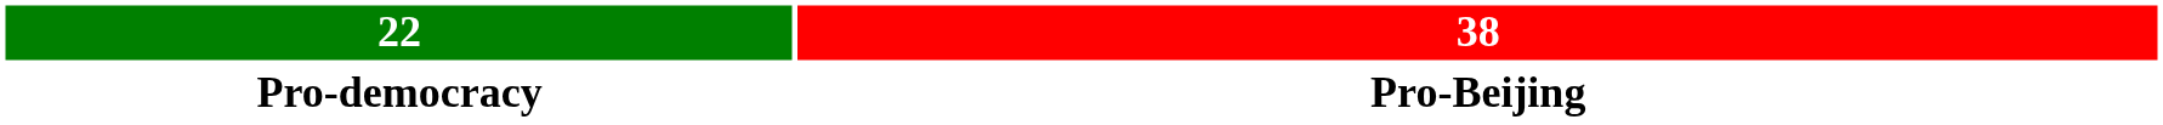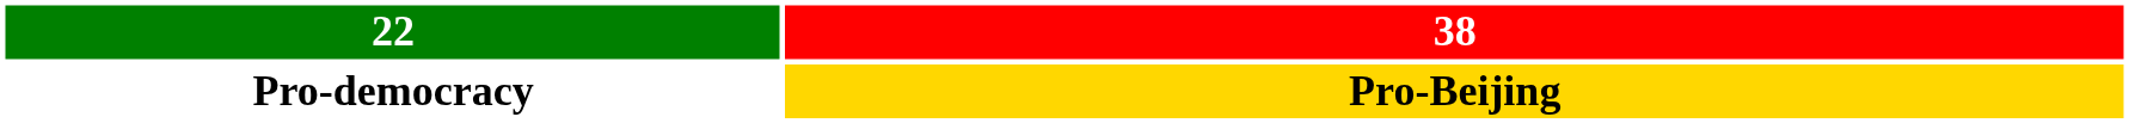 <table style="width:50%; text-align:center;">
 <tr style="color:white;">
 <td style="background:green; width:36.7%;"><strong>22</strong></td>
 <td style="background:red; width:63.3%;"><strong>38</strong></td>
 </tr>
 <tr>
 <td><span><strong>Pro-democracy</strong></span></td>
-<td><span><strong>Pro-Beijing</strong></span></td>
+<td style="background: gold;"><span><strong>Pro-Beijing</strong></span></td>
 </tr>
 </table>
